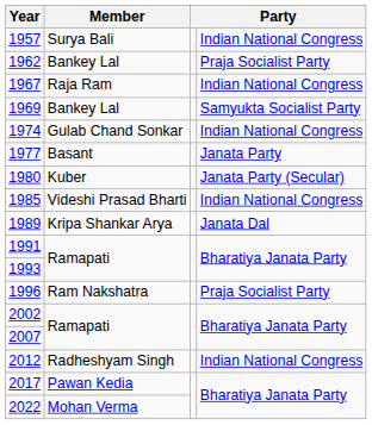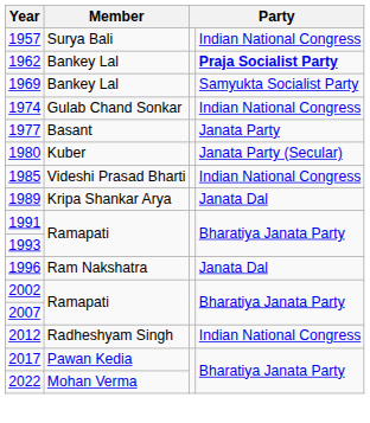 <table class="wikitable">
 <tr>
 <th>Year</th>
 <th>Member</th>
 <th colspan="2">Party</th>
 </tr>
 <tr>
 <td><a href='#'>1957</a></td>
 <td>Surya Bali</td>
 <td style="background-color: "></td>
 <td><a href='#'>Indian National Congress</a></td>
 </tr>
 <tr>
 <td><a href='#'>1962</a></td>
 <td>Bankey Lal</td>
 <td style="background-color: "></td>
-<td><a href='#'>Praja Socialist Party</a></td>
-</tr>
-<tr>
-<td><a href='#'>1967</a></td>
-<td>Raja Ram</td>
-<td style="background-color: "></td>
-<td><a href='#'>Indian National Congress</a></td>
+<td><strong><a href='#'>Praja Socialist Party</a></strong></td>
 </tr>
 <tr>
 <td><a href='#'>1969</a></td>
 <td>Bankey Lal</td>
 <td style="background-color: "></td>
 <td><a href='#'>Samyukta Socialist Party</a></td>
 </tr>
 <tr>
 <td><a href='#'>1974</a></td>
 <td>Gulab Chand Sonkar</td>
 <td style="background-color: "></td>
 <td><a href='#'>Indian National Congress</a></td>
 </tr>
 <tr>
 <td><a href='#'>1977</a></td>
 <td>Basant</td>
 <td style="background-color: "></td>
 <td><a href='#'>Janata Party</a></td>
 </tr>
 <tr>
 <td><a href='#'>1980</a></td>
 <td>Kuber</td>
 <td style="background-color: "></td>
 <td><a href='#'>Janata Party (Secular)</a></td>
 </tr>
 <tr>
 <td><a href='#'>1985</a></td>
 <td>Videshi Prasad Bharti</td>
 <td style="background-color: "></td>
 <td><a href='#'>Indian National Congress</a></td>
 </tr>
 <tr>
 <td><a href='#'>1989</a></td>
 <td>Kripa Shankar Arya</td>
 <td style="background-color: "></td>
 <td><a href='#'>Janata Dal</a></td>
 </tr>
 <tr>
 <td><a href='#'>1991</a></td>
 <td rowspan="2">Ramapati</td>
 <td rowspan="2" style="background-color: "></td>
 <td rowspan="2"><a href='#'>Bharatiya Janata Party</a></td>
 </tr>
 <tr>
 <td><a href='#'>1993</a></td>
 </tr>
 <tr>
 <td><a href='#'>1996</a></td>
 <td>Ram Nakshatra</td>
 <td style="background-color: "></td>
-<td><a href='#'>Praja Socialist Party</a></td>
+<td><a href='#'>Janata Dal</a></td>
 </tr>
 <tr>
 <td><a href='#'>2002</a></td>
 <td rowspan="2">Ramapati</td>
 <td rowspan="2" style="background-color: "></td>
 <td rowspan="2"><a href='#'>Bharatiya Janata Party</a></td>
 </tr>
 <tr>
 <td><a href='#'>2007</a></td>
 </tr>
 <tr>
 <td><a href='#'>2012</a></td>
 <td>Radheshyam Singh</td>
 <td style="background-color: "></td>
 <td><a href='#'>Indian National Congress</a></td>
 </tr>
 <tr>
 <td><a href='#'>2017</a></td>
 <td><a href='#'>Pawan Kedia</a></td>
 <td rowspan="2" style="background-color: "></td>
 <td rowspan="2"><a href='#'>Bharatiya Janata Party</a></td>
 </tr>
 <tr>
 <td><a href='#'>2022</a></td>
 <td><a href='#'>Mohan Verma</a></td>
 </tr>
 </table>
